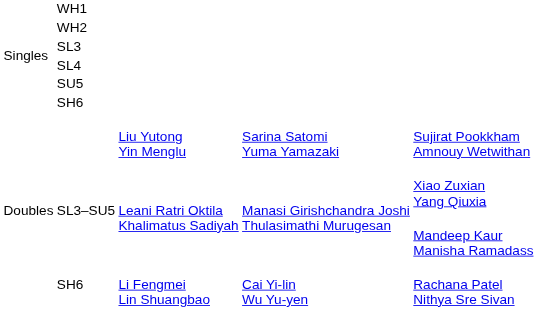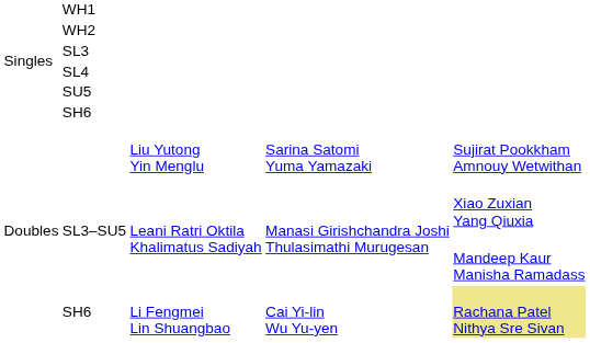 <table>
 <tr>
 <td rowspan="12">Singles</td>
 <td rowspan="2">WH1<br></td>
 <td rowspan="2"></td>
 <td rowspan="2"></td>
 <td></td>
 </tr>
 <tr>
 <td></td>
 </tr>
 <tr>
 <td rowspan="2">WH2<br></td>
 <td rowspan="2"></td>
 <td rowspan="2"></td>
 <td></td>
 </tr>
 <tr>
 <td></td>
 </tr>
 <tr>
 <td rowspan="2">SL3<br></td>
 <td rowspan="2"></td>
 <td rowspan="2"></td>
 <td></td>
 </tr>
 <tr>
 <td></td>
 </tr>
 <tr>
 <td rowspan="2">SL4<br></td>
 <td rowspan="2"></td>
 <td rowspan="2"></td>
 <td></td>
 </tr>
 <tr>
 <td></td>
 </tr>
 <tr>
 <td rowspan="2">SU5<br></td>
 <td rowspan="2"></td>
 <td rowspan="2"></td>
 <td></td>
 </tr>
 <tr>
 <td></td>
 </tr>
 <tr>
 <td rowspan="2">SH6<br></td>
 <td rowspan="2"></td>
 <td rowspan="2"></td>
 <td></td>
 </tr>
 <tr>
 <td></td>
 </tr>
 <tr>
 <td rowspan="4">Doubles</td>
 <td><br></td>
 <td><br><a href='#'>Liu Yutong</a><br><a href='#'>Yin Menglu</a></td>
 <td><br><a href='#'>Sarina Satomi</a><br><a href='#'>Yuma Yamazaki</a></td>
 <td><br><a href='#'>Sujirat Pookkham</a><br><a href='#'>Amnouy Wetwithan</a></td>
 </tr>
 <tr>
 <td rowspan="2">SL3–SU5<br></td>
 <td rowspan="2"><br><a href='#'>Leani Ratri Oktila</a><br><a href='#'>Khalimatus Sadiyah</a></td>
 <td rowspan="2"><br><a href='#'>Manasi Girishchandra Joshi</a><br><a href='#'>Thulasimathi Murugesan</a></td>
 <td><br><a href='#'>Xiao Zuxian</a><br><a href='#'>Yang Qiuxia</a></td>
 </tr>
 <tr>
 <td><br><a href='#'>Mandeep Kaur</a><br><a href='#'>Manisha Ramadass</a></td>
 </tr>
 <tr>
 <td>SH6<br></td>
 <td><br><a href='#'>Li Fengmei</a><br><a href='#'>Lin Shuangbao</a></td>
 <td><br><a href='#'>Cai Yi-lin</a><br><a href='#'>Wu Yu-yen</a></td>
-<td><br><a href='#'>Rachana Patel</a><br><a href='#'>Nithya Sre Sivan</a></td>
+<td style="background: khaki;"><br><a href='#'>Rachana Patel</a><br><a href='#'>Nithya Sre Sivan</a></td>
 </tr>
 </table>
